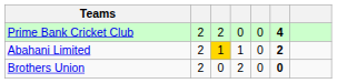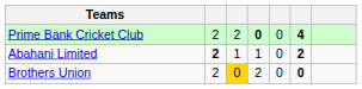 <table class="wikitable" style="text-align:center">
 <tr>
 <th style="width:250px">Teams</th>
 <th width="20"></th>
 <th width="20"></th>
 <th width="20"></th>
 <th width="20"></th>
 <th width="20"></th>
 <th width="50"></th>
 </tr>
 <tr style="background:#cfc">
 <td style="text-align:left;"><a href='#'>Prime Bank Cricket Club</a></td>
 <td>2</td>
 <td>2</td>
-<td>0</td>
+<td><strong>0</strong></td>
 <td>0</td>
 <td><strong>4</strong></td>
 <td></td>
 </tr>
 <tr>
 <td style="text-align:left;"><a href='#'>Abahani Limited</a></td>
-<td>2</td>
-<td style="background: gold;">1</td>
+<td><strong>2</strong></td>
+<td>1</td>
 <td>1</td>
 <td>0</td>
 <td><strong>2</strong></td>
 <td></td>
 </tr>
 <tr>
 <td style="text-align:left;"><a href='#'>Brothers Union</a></td>
 <td>2</td>
-<td>0</td>
+<td style="background: gold;">0</td>
 <td>2</td>
 <td>0</td>
 <td><strong>0</strong></td>
 <td></td>
 </tr>
 </table>
